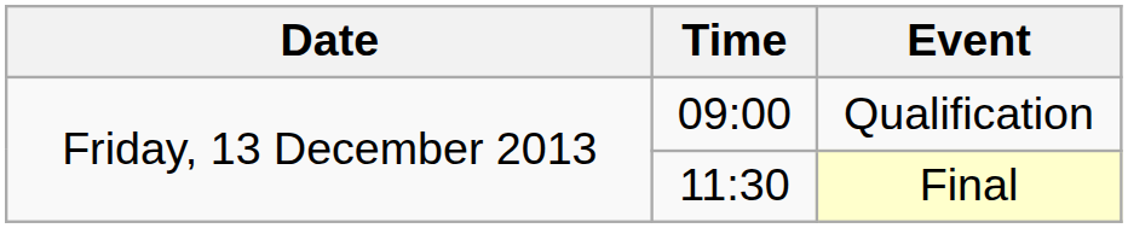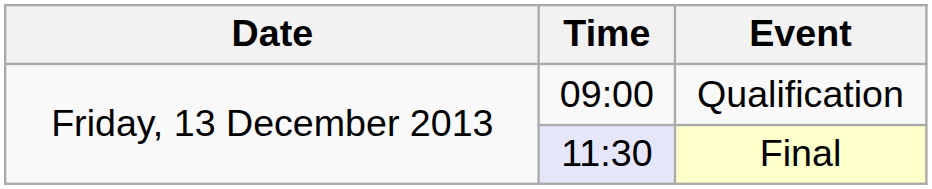 <table class = "wikitable" style="text-align:center;">
 <tr>
 <th width=220>Date</th>
 <th width=50>Time</th>
 <th width=100>Event</th>
 </tr>
 <tr>
 <td rowspan=2>Friday, 13 December 2013</td>
 <td>09:00</td>
 <td>Qualification</td>
 </tr>
 <tr>
-<td>11:30</td>
+<td style="background: lavender;">11:30</td>
 <td bgcolor=ffffcc>Final</td>
 </tr>
 </table>
